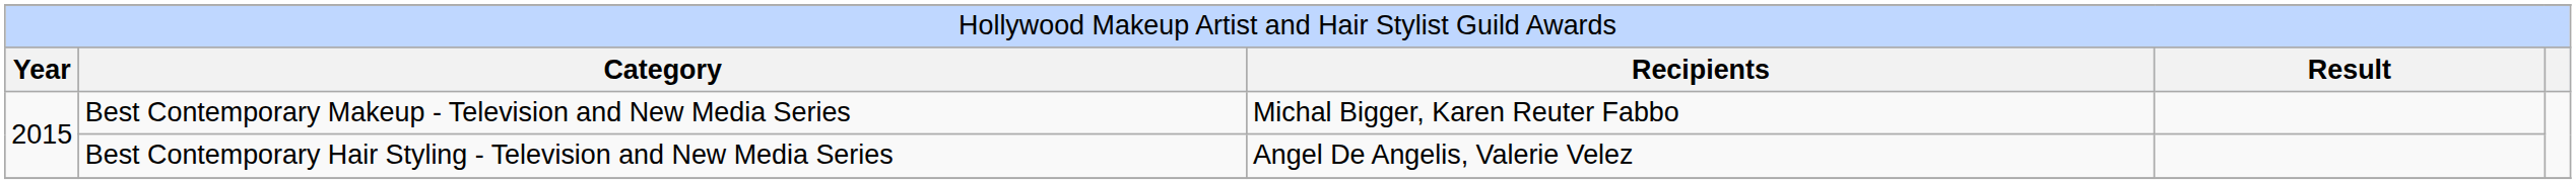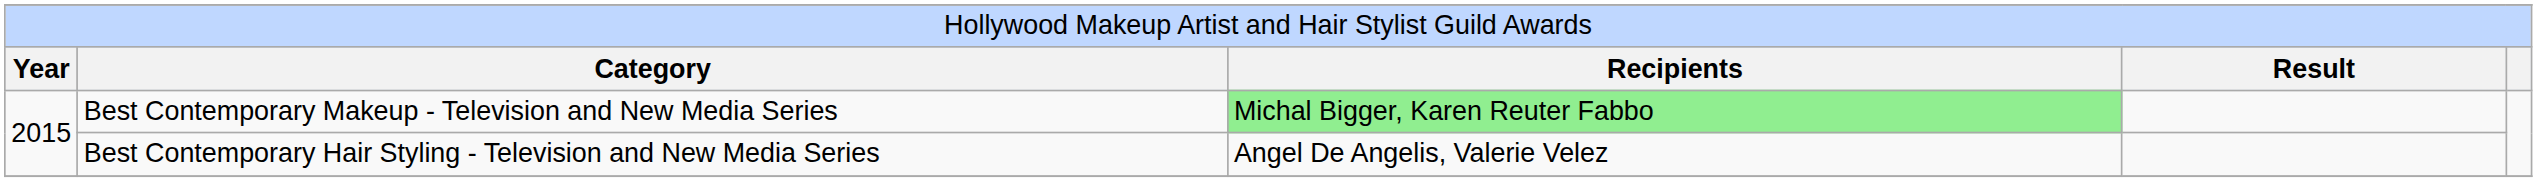 <table class="wikitable plainrowheaders" style="font-size: 100%; width:95%">
 <tr>
 </tr>
 <tr ---- bgcolor="#bfd7ff">
 <td colspan=6 align=center>Hollywood Makeup Artist and Hair Stylist Guild Awards</td>
 </tr>
 <tr ---- bgcolor="#ebf5ff">
 <th scope="col" style="width:2%;">Year</th>
 <th scope="col" style="width:45%;">Category</th>
 <th scope="col" style="width:35%;">Recipients</th>
 <th scope="col" style="width:15%;">Result</th>
 <th scope="col" class="unsortable" style="width:1%;"></th>
 </tr>
 <tr>
 <td rowspan=2 style="text-align:center;">2015</td>
 <td>Best Contemporary Makeup - Television and New Media Series</td>
-<td>Michal Bigger, Karen Reuter Fabbo</td>
+<td style="background: lightgreen;">Michal Bigger, Karen Reuter Fabbo</td>
 <td></td>
 <td rowspan=2></td>
 </tr>
 <tr>
 <td>Best Contemporary Hair Styling - Television and New Media Series</td>
 <td>Angel De Angelis, Valerie Velez</td>
 <td></td>
 </tr>
 <tr>
 </tr>
 </table>
